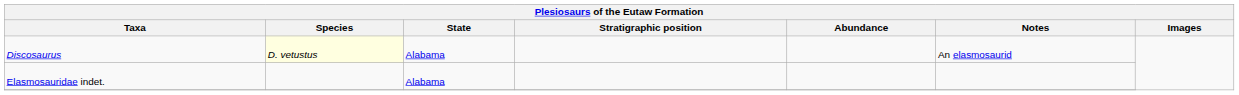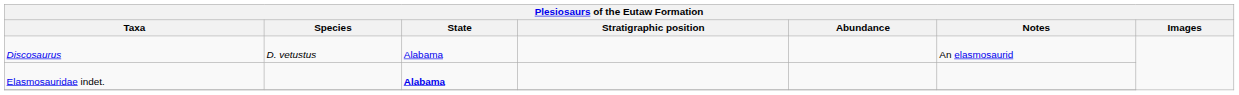 <table class="wikitable" align="center" width="100%">
 <tr>
 <th colspan="7" align="center"><strong><a href='#'>Plesiosaurs</a> of the Eutaw Formation</strong></th>
 </tr>
 <tr>
 <th>Taxa</th>
 <th>Species</th>
 <th>State</th>
 <th>Stratigraphic position</th>
 <th>Abundance</th>
 <th>Notes</th>
 <th>Images</th>
 </tr>
 <tr>
 <td><br><em><a href='#'>Discosaurus</a></em></td>
-<td style="background: lightyellow;"><br><em>D. vetustus</em></td>
+<td><br><em>D. vetustus</em></td>
 <td><br><a href='#'>Alabama</a></td>
 <td></td>
 <td></td>
 <td><br>An <a href='#'>elasmosaurid</a></td>
 <td rowspan="99"><br></td>
 </tr>
 <tr>
 <td><br><a href='#'>Elasmosauridae</a> indet.</td>
 <td></td>
-<td><br><a href='#'>Alabama</a></td>
+<td><strong><br><a href='#'>Alabama</a></strong></td>
 <td></td>
 <td></td>
 <td></td>
 </tr>
 <tr>
 </tr>
 </table>
